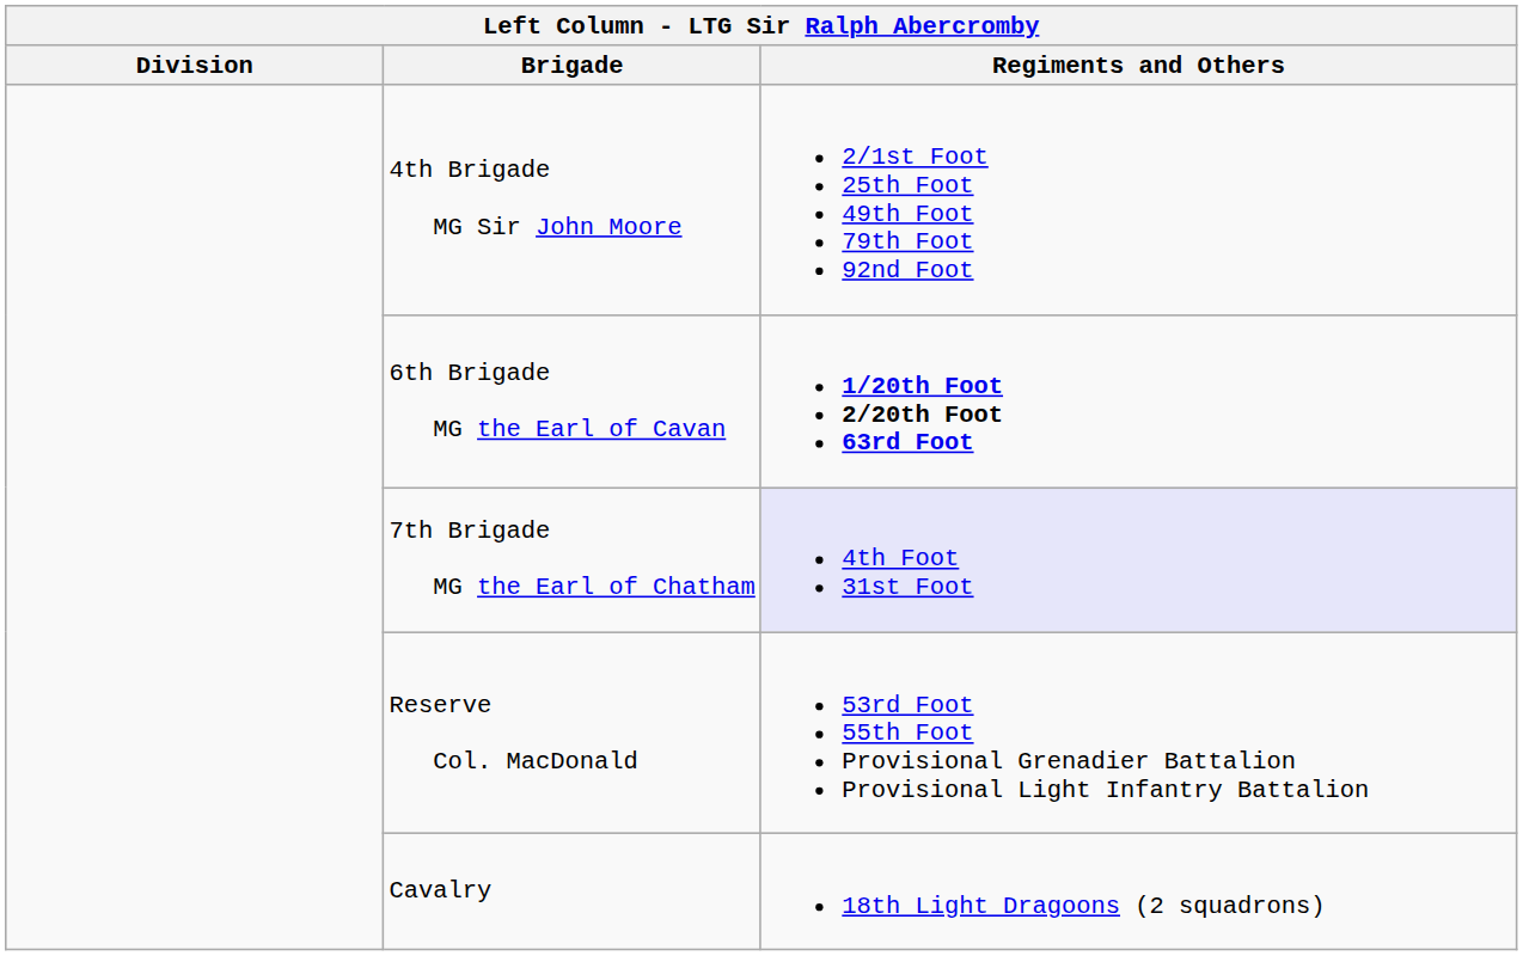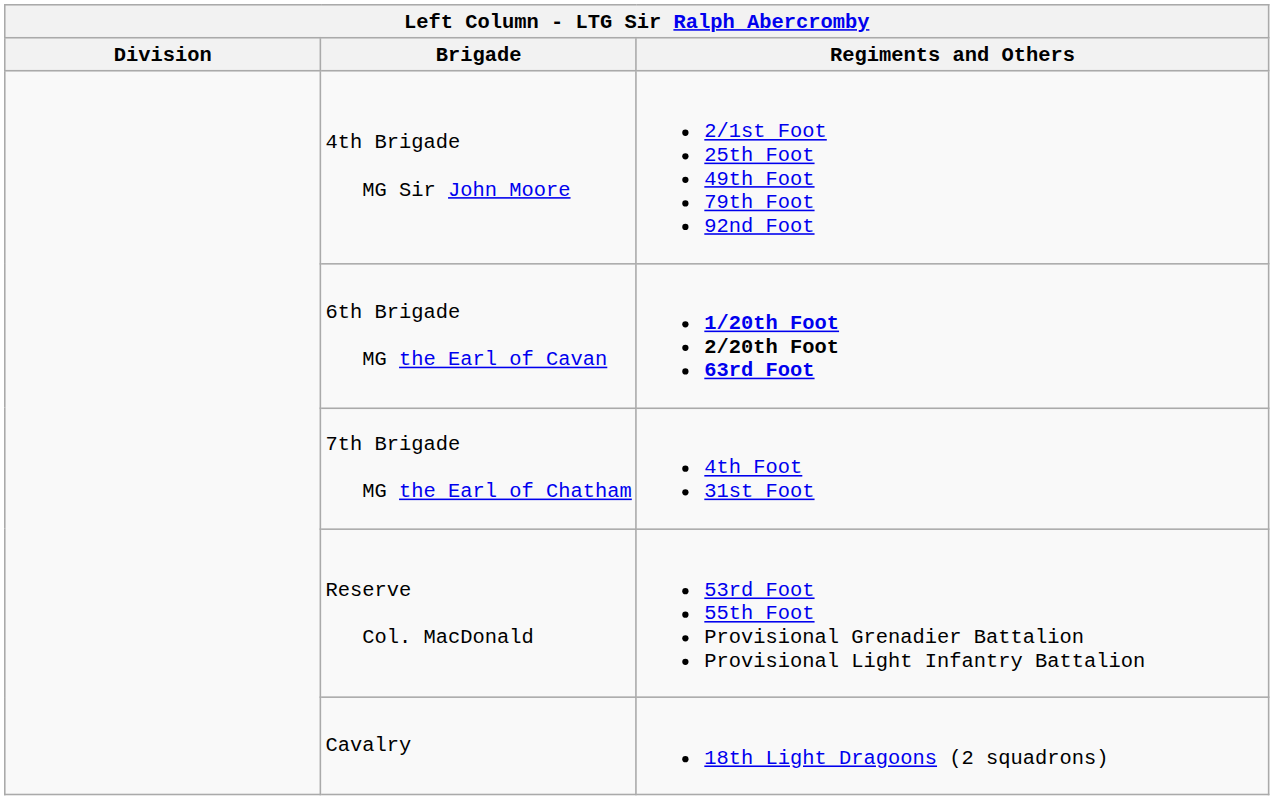 <table class="wikitable">
 <tr valign="top">
 <th colspan="9" bgcolor="white"><strong>Left Column</strong> - LTG Sir <a href='#'>Ralph Abercromby</a></th>
 </tr>
 <tr>
 <th width=25%>Division</th>
 <th width=25%>Brigade</th>
 <th>Regiments and Others</th>
 </tr>
 <tr>
 <td rowspan=5></td>
 <td>4th Brigade<br><br>   MG Sir <a href='#'>John Moore</a></td>
 <td><br><ul><li><a href='#'>2/1st Foot</a></li><li><a href='#'>25th Foot</a></li><li><a href='#'>49th Foot</a></li><li><a href='#'>79th Foot</a></li><li><a href='#'>92nd Foot</a></li></ul></td>
 </tr>
 <tr>
 <td>6th Brigade<br><br>   MG <a href='#'>the Earl of Cavan</a></td>
 <td><strong><br><ul><li><a href='#'>1/20th Foot</a></li><li>2/20th Foot</li><li><a href='#'>63rd Foot</a></li></ul></strong></td>
 </tr>
 <tr>
 <td>7th Brigade<br><br>   MG <a href='#'>the Earl of Chatham</a></td>
-<td style="background: lavender;"><br><ul><li><a href='#'>4th Foot</a></li><li><a href='#'>31st Foot</a></li></ul></td>
+<td><br><ul><li><a href='#'>4th Foot</a></li><li><a href='#'>31st Foot</a></li></ul></td>
 </tr>
 <tr>
 <td>Reserve<br><br>   Col. MacDonald</td>
 <td><br><ul><li><a href='#'>53rd Foot</a></li><li><a href='#'>55th Foot</a></li><li>Provisional Grenadier Battalion</li><li>Provisional Light Infantry Battalion</li></ul></td>
 </tr>
 <tr>
 <td>Cavalry</td>
 <td><br><ul><li><a href='#'>18th Light Dragoons</a> (2 squadrons)</li></ul></td>
 </tr>
 </table>
